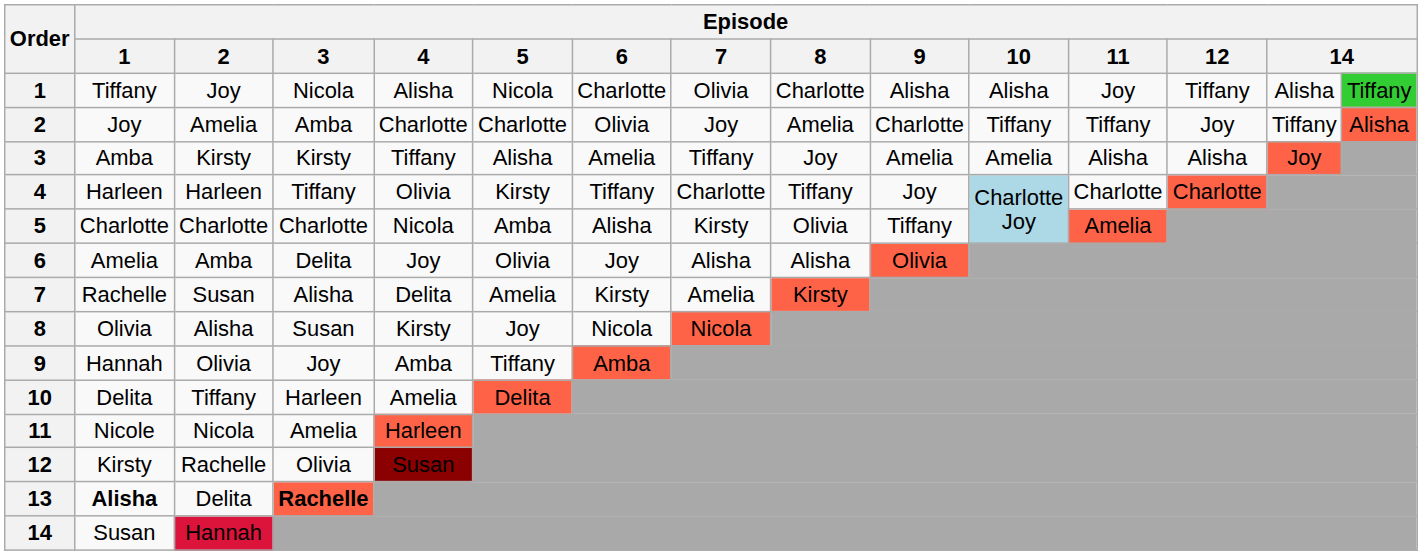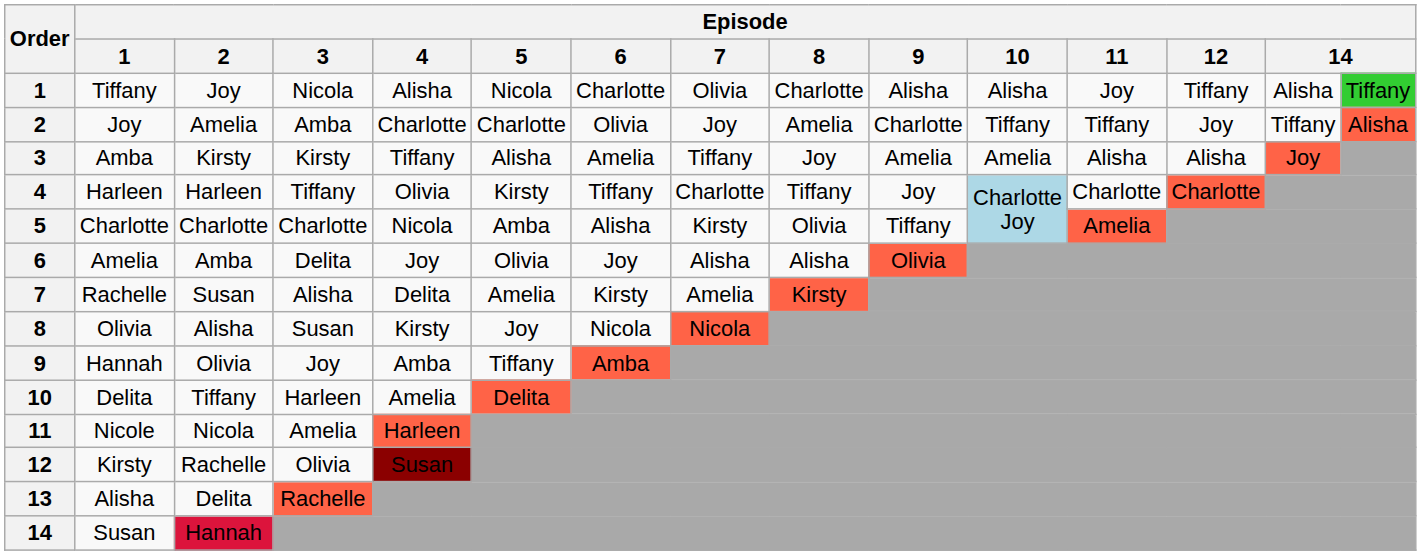 <table class="wikitable" style="text-align:center; font-size:92%">
 <tr>
 <th rowspan=2>Order</th>
 <th colspan="14">Episode</th>
 </tr>
 <tr>
 <th>1</th>
 <th>2</th>
 <th>3</th>
 <th>4</th>
 <th>5</th>
 <th>6</th>
 <th>7</th>
 <th>8</th>
 <th>9</th>
 <th>10</th>
 <th>11</th>
 <th>12</th>
 <th colspan=2>14</th>
 </tr>
 <tr>
 <th>1</th>
 <td>Tiffany</td>
 <td>Joy</td>
 <td>Nicola</td>
 <td>Alisha</td>
 <td>Nicola</td>
 <td>Charlotte</td>
 <td>Olivia</td>
 <td>Charlotte</td>
 <td>Alisha</td>
 <td>Alisha</td>
 <td>Joy</td>
 <td>Tiffany</td>
 <td>Alisha</td>
 <td bgcolor="limegreen">Tiffany</td>
 </tr>
 <tr>
 <th>2</th>
 <td>Joy</td>
 <td>Amelia</td>
 <td>Amba</td>
 <td>Charlotte</td>
 <td>Charlotte</td>
 <td>Olivia</td>
 <td>Joy</td>
 <td>Amelia</td>
 <td>Charlotte</td>
 <td>Tiffany</td>
 <td>Tiffany</td>
 <td>Joy</td>
 <td>Tiffany</td>
 <td style="background:tomato;">Alisha</td>
 </tr>
 <tr>
 <th>3</th>
 <td>Amba</td>
 <td>Kirsty</td>
 <td>Kirsty</td>
 <td>Tiffany</td>
 <td>Alisha</td>
 <td>Amelia</td>
 <td>Tiffany</td>
 <td>Joy</td>
 <td>Amelia</td>
 <td>Amelia</td>
 <td>Alisha</td>
 <td>Alisha</td>
 <td style="background:tomato;">Joy</td>
 <td style="background:darkgray;"></td>
 </tr>
 <tr>
 <th>4</th>
 <td>Harleen</td>
 <td>Harleen</td>
 <td>Tiffany</td>
 <td>Olivia</td>
 <td>Kirsty</td>
 <td>Tiffany</td>
 <td>Charlotte</td>
 <td>Tiffany</td>
 <td>Joy</td>
 <td rowspan="2" bgcolor="lightblue">Charlotte<br>Joy</td>
 <td>Charlotte</td>
 <td style="background:tomato;">Charlotte</td>
 <td colspan="2" style="background:darkgray;"></td>
 </tr>
 <tr>
 <th>5</th>
 <td>Charlotte</td>
 <td>Charlotte</td>
 <td>Charlotte</td>
 <td>Nicola</td>
 <td>Amba</td>
 <td>Alisha</td>
 <td>Kirsty</td>
 <td>Olivia</td>
 <td>Tiffany</td>
 <td style="background:tomato;">Amelia</td>
 <td colspan="3" style="background:darkgray;"></td>
 </tr>
 <tr>
 <th>6</th>
 <td>Amelia</td>
 <td>Amba</td>
 <td>Delita</td>
 <td>Joy</td>
 <td>Olivia</td>
 <td>Joy</td>
 <td>Alisha</td>
 <td>Alisha</td>
 <td style="background:tomato;">Olivia</td>
 <td colspan="5" style="background:darkgray;"></td>
 </tr>
 <tr>
 <th>7</th>
 <td>Rachelle</td>
 <td>Susan</td>
 <td>Alisha</td>
 <td>Delita</td>
 <td>Amelia</td>
 <td>Kirsty</td>
 <td>Amelia</td>
 <td style="background:tomato;">Kirsty</td>
 <td colspan="6" style="background:darkgray;"></td>
 </tr>
 <tr>
 <th>8</th>
 <td>Olivia</td>
 <td>Alisha</td>
 <td>Susan</td>
 <td>Kirsty</td>
 <td>Joy</td>
 <td>Nicola</td>
 <td style="background:tomato;">Nicola</td>
 <td colspan="7" style="background:darkgray;"></td>
 </tr>
 <tr>
 <th>9</th>
 <td>Hannah</td>
 <td>Olivia</td>
 <td>Joy</td>
 <td>Amba</td>
 <td>Tiffany</td>
 <td style="background:tomato;">Amba</td>
 <td colspan="8" style="background:darkgray;"></td>
 </tr>
 <tr>
 <th>10</th>
 <td>Delita</td>
 <td>Tiffany</td>
 <td>Harleen</td>
 <td>Amelia</td>
 <td style="background:tomato;">Delita</td>
 <td colspan="9" style="background:darkgray;"></td>
 </tr>
 <tr>
 <th>11</th>
 <td>Nicole</td>
 <td>Nicola</td>
 <td>Amelia</td>
 <td style="background:tomato;">Harleen</td>
 <td colspan="10" style="background:darkgray;"></td>
 </tr>
 <tr>
 <th>12</th>
 <td>Kirsty</td>
 <td>Rachelle</td>
 <td>Olivia</td>
 <td bgcolor="darkred"><span>Susan</span></td>
 <td colspan="10" style="background:darkgray;"></td>
 </tr>
 <tr>
 <th>13</th>
-<td><strong>Alisha</strong></td>
+<td>Alisha</td>
 <td>Delita</td>
-<td style="background:tomato;"><strong>Rachelle</strong></td>
+<td style="background:tomato;">Rachelle</td>
 <td colspan="11" style="background:darkgray;"></td>
 </tr>
 <tr>
 <th>14</th>
 <td>Susan</td>
 <td bgcolor="crimson"><span>Hannah</span></td>
 <td colspan="12" style="background:darkgray;"></td>
 </tr>
 </table>
